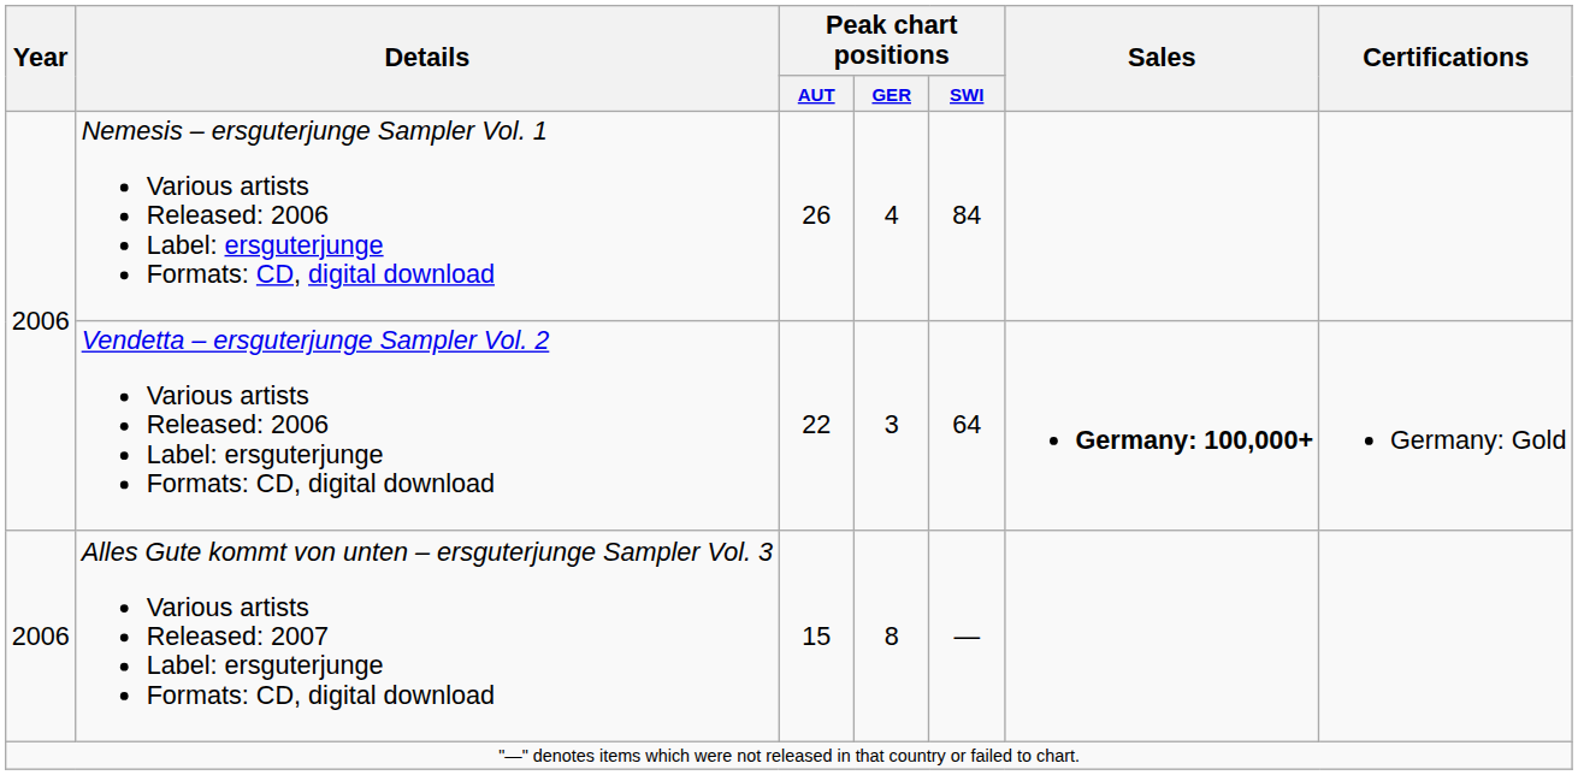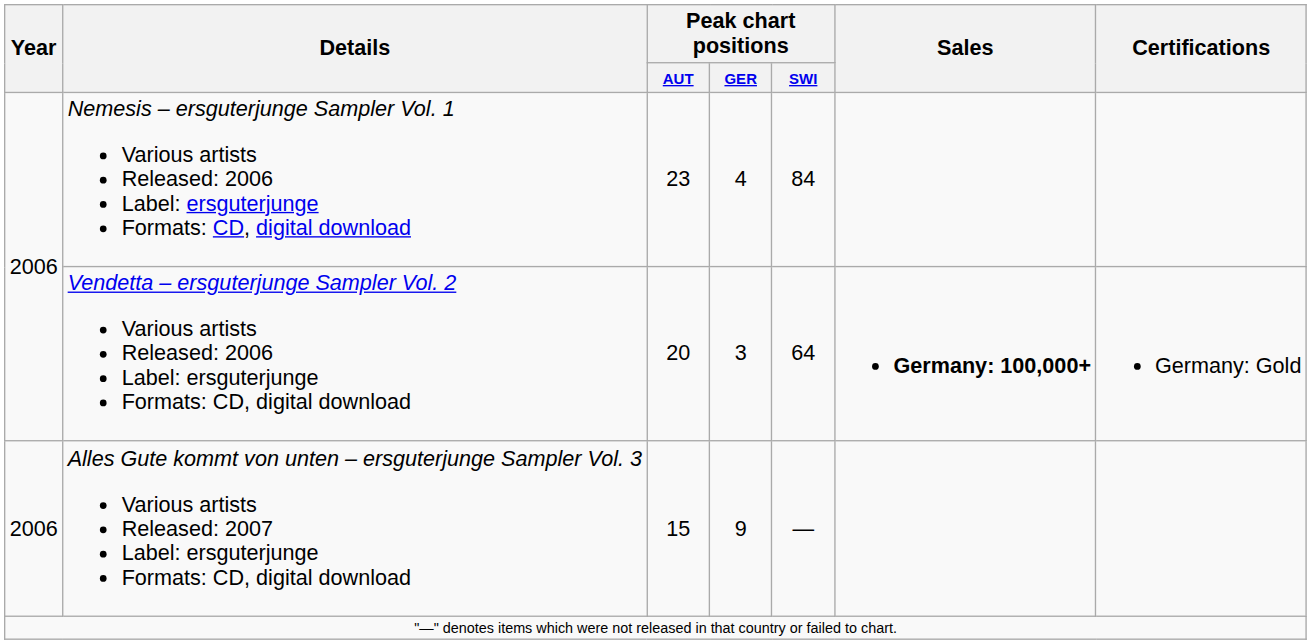 <table class="wikitable" style="text-align:center;">
 <tr>
 <th rowspan="2">Year</th>
 <th rowspan="2">Details</th>
 <th colspan="3">Peak chart positions</th>
 <th rowspan="2">Sales</th>
 <th rowspan="2">Certifications</th>
 </tr>
 <tr style="font-size:smaller;">
 <th style="width:40px;"><small><a href='#'>AUT</a></small></th>
 <th style="width:40px;"><small><a href='#'>GER</a></small></th>
 <th style="width:40px;"><small><a href='#'>SWI</a></small></th>
 </tr>
 <tr>
 <td rowspan="2">2006</td>
 <td align="left"><em>Nemesis – ersguterjunge Sampler Vol. 1</em><br><ul><li>Various artists</li><li>Released: 2006</li><li>Label: <a href='#'>ersguterjunge</a></li><li>Formats: <a href='#'>CD</a>, <a href='#'>digital download</a></li></ul></td>
-<td style="text-align:center;">26</td>
+<td style="text-align:center;">23</td>
 <td style="text-align:center;">4</td>
 <td style="text-align:center;">84</td>
 <td></td>
 </tr>
 <tr>
 <td align="left"><em><a href='#'>Vendetta – ersguterjunge Sampler Vol. 2</a></em><br><ul><li>Various artists</li><li>Released: 2006</li><li>Label: ersguterjunge</li><li>Formats: CD, digital download</li></ul></td>
-<td style="text-align:center;">22</td>
+<td style="text-align:center;">20</td>
 <td style="text-align:center;">3</td>
 <td style="text-align:center;">64</td>
 <td align="left"><strong><br><ul><li>Germany: 100,000+</li></ul></strong></td>
 <td align="left"><br><ul><li>Germany: Gold</li></ul></td>
 </tr>
 <tr>
 <td>2006</td>
 <td align="left"><em>Alles Gute kommt von unten – ersguterjunge Sampler Vol. 3</em><br><ul><li>Various artists</li><li>Released: 2007</li><li>Label: ersguterjunge</li><li>Formats: CD, digital download</li></ul></td>
 <td style="text-align:center;">15</td>
-<td style="text-align:center;">8</td>
+<td style="text-align:center;">9</td>
 <td style="text-align:center;">—</td>
 <td></td>
 </tr>
 <tr>
 <td colspan="15" style="text-align:center; font-size:8pt;">"—" denotes items which were not released in that country or failed to chart.</td>
 </tr>
 </table>
